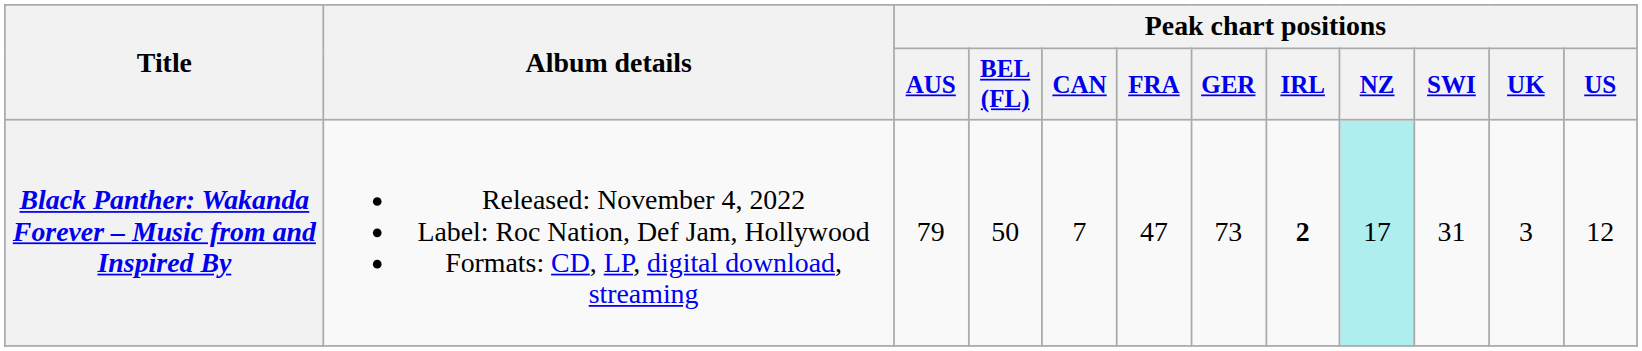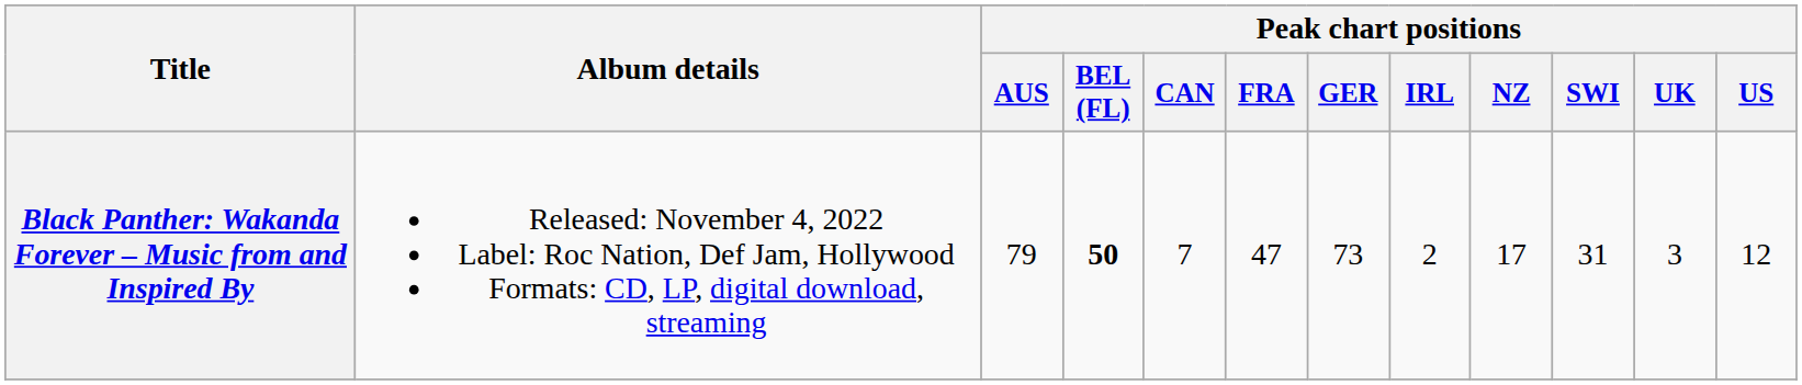 <table class="wikitable plainrowheaders" style="text-align:center;">
 <tr>
 <th scope="col" rowspan="2" style="width:11em;">Title</th>
 <th scope="col" rowspan="2" style="width:20em;">Album details</th>
 <th scope="col" colspan="10">Peak chart positions</th>
 </tr>
 <tr>
 <th scope="col" style="width:2.5em;font-size:90%;"><a href='#'>AUS</a><br></th>
 <th scope="col" style="width:2.5em;font-size:90%;"><a href='#'>BEL<br>(FL)</a><br></th>
 <th scope="col" style="width:2.5em;font-size:90%;"><a href='#'>CAN</a><br></th>
 <th scope="col" style="width:2.5em;font-size:90%;"><a href='#'>FRA</a><br></th>
 <th scope="col" style="width:2.5em;font-size:90%;"><a href='#'>GER</a><br></th>
 <th scope="col" style="width:2.5em;font-size:90%;"><a href='#'>IRL</a><br></th>
 <th scope="col" style="width:2.5em;font-size:90%;"><a href='#'>NZ</a><br></th>
 <th scope="col" style="width:2.5em;font-size:90%;"><a href='#'>SWI</a><br></th>
 <th scope="col" style="width:2.5em;font-size:90%;"><a href='#'>UK</a><br></th>
 <th scope="col" style="width:2.5em;font-size:90%;"><a href='#'>US</a><br></th>
 </tr>
 <tr>
 <th scope="row"><em><a href='#'>Black Panther: Wakanda Forever – Music from and Inspired By</a></em><br></th>
 <td><br><ul><li>Released: November 4, 2022 </li><li>Label: Roc Nation, Def Jam, Hollywood</li><li>Formats: <a href='#'>CD</a>, <a href='#'>LP</a>, <a href='#'>digital download</a>, <a href='#'>streaming</a></li></ul></td>
 <td>79</td>
-<td>50</td>
+<td><strong>50</strong></td>
 <td>7</td>
 <td>47</td>
 <td>73</td>
-<td><strong>2</strong></td>
-<td style="background: paleturquoise;">17</td>
+<td>2</td>
+<td>17</td>
 <td>31</td>
 <td>3</td>
 <td>12</td>
 </tr>
 </table>
